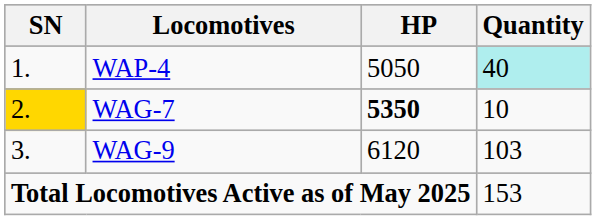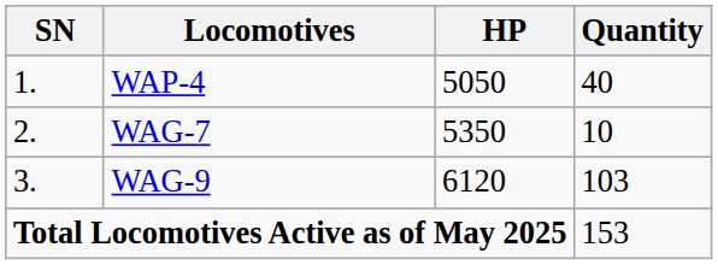 <table class="wikitable">
 <tr>
 <th>SN</th>
 <th>Locomotives</th>
 <th>HP</th>
 <th>Quantity</th>
 </tr>
 <tr>
 <td>1.</td>
 <td><a href='#'>WAP-4</a></td>
 <td>5050</td>
-<td style="background: paleturquoise;">40</td>
+<td>40</td>
 </tr>
 <tr>
-<td style="background: gold;">2.</td>
+<td>2.</td>
 <td><a href='#'>WAG-7</a></td>
-<td><strong>5350</strong></td>
+<td>5350</td>
 <td>10</td>
 </tr>
 <tr>
 <td>3.</td>
 <td><a href='#'>WAG-9</a></td>
 <td>6120</td>
 <td>103</td>
 </tr>
 <tr>
 <td colspan="3"><strong>Total Locomotives Active as of May 2025</strong></td>
 <td>153</td>
 </tr>
 </table>
